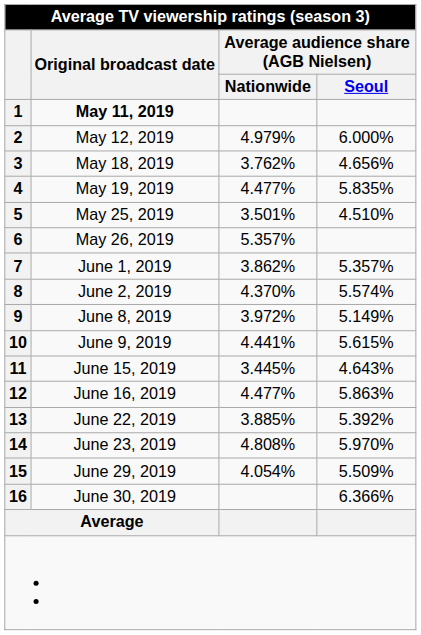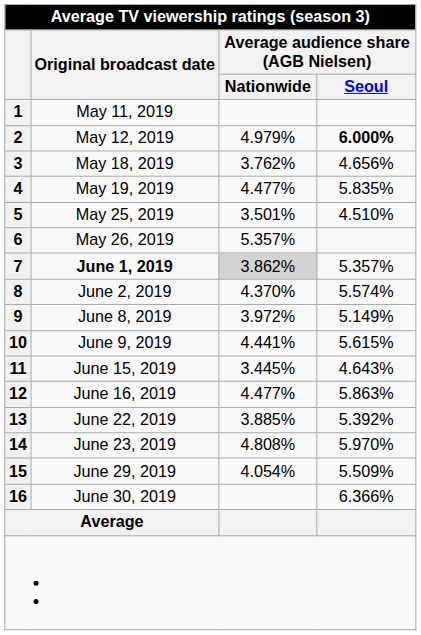 <table role="presentation" class="wikitable mw-collapsible mw-collapsed innercollapse" style="text-align:center;max-width:450px; margin-left: auto; margin-right: auto; border: none;">
 <tr>
 <th colspan="6" style="background:#000000; text-align:centre;color:white">Average TV viewership ratings (season 3)</th>
 </tr>
 <tr>
 <th rowspan="2"></th>
 <th rowspan="2">Original broadcast date</th>
 <th colspan="2">Average audience share<br>(AGB Nielsen)</th>
 </tr>
 <tr>
 <th width="90">Nationwide</th>
 <th width="90"><a href='#'>Seoul</a></th>
 </tr>
 <tr>
 <th>1</th>
-<td><strong>May 11, 2019</strong></td>
+<td>May 11, 2019</td>
 <td></td>
 <td></td>
 </tr>
 <tr>
 <th>2</th>
 <td>May 12, 2019</td>
 <td>4.979%</td>
-<td>6.000%</td>
+<td><strong>6.000%</strong></td>
 </tr>
 <tr>
 <th>3</th>
 <td>May 18, 2019</td>
 <td>3.762%</td>
 <td>4.656%</td>
 </tr>
 <tr>
 <th>4</th>
 <td>May 19, 2019</td>
 <td>4.477%</td>
 <td>5.835%</td>
 </tr>
 <tr>
 <th>5</th>
 <td>May 25, 2019</td>
 <td>3.501%</td>
 <td>4.510%</td>
 </tr>
 <tr>
 <th>6</th>
 <td>May 26, 2019</td>
 <td>5.357%</td>
 <td></td>
 </tr>
 <tr>
 <th>7</th>
-<td>June 1, 2019</td>
-<td>3.862%</td>
+<td><strong>June 1, 2019</strong></td>
+<td style="background: lightgrey;">3.862%</td>
 <td>5.357%</td>
 </tr>
 <tr>
 <th>8</th>
 <td>June 2, 2019</td>
 <td>4.370%</td>
 <td>5.574%</td>
 </tr>
 <tr>
 <th>9</th>
 <td>June 8, 2019</td>
 <td>3.972%</td>
 <td>5.149%</td>
 </tr>
 <tr>
 <th>10</th>
 <td>June 9, 2019</td>
 <td>4.441%</td>
 <td>5.615%</td>
 </tr>
 <tr>
 <th>11</th>
 <td>June 15, 2019</td>
 <td>3.445%</td>
 <td>4.643%</td>
 </tr>
 <tr>
 <th>12</th>
 <td>June 16, 2019</td>
 <td>4.477%</td>
 <td>5.863%</td>
 </tr>
 <tr>
 <th>13</th>
 <td>June 22, 2019</td>
 <td>3.885%</td>
 <td>5.392%</td>
 </tr>
 <tr>
 <th>14</th>
 <td>June 23, 2019</td>
 <td>4.808%</td>
 <td>5.970%</td>
 </tr>
 <tr>
 <th>15</th>
 <td>June 29, 2019</td>
 <td>4.054%</td>
 <td>5.509%</td>
 </tr>
 <tr>
 <th>16</th>
 <td>June 30, 2019</td>
 <td></td>
 <td>6.366%</td>
 </tr>
 <tr>
 <th colspan="2">Average</th>
 <th></th>
 <th></th>
 </tr>
 <tr>
 <td colspan="6"><br><ul><li></li><li></li></ul></td>
 </tr>
 </table>
